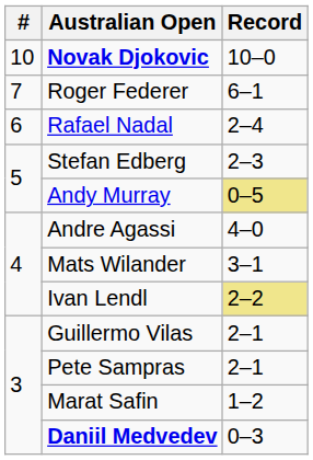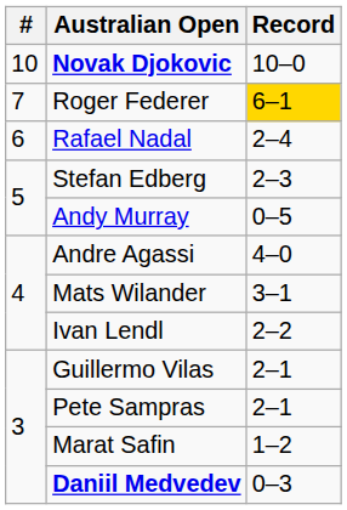 <table class="wikitable" style="display:inline-table;">
 <tr>
 <th width=20>#</th>
 <th>Australian Open</th>
 <th>Record</th>
 </tr>
 <tr>
 <td>10</td>
 <td> <strong><a href='#'>Novak Djokovic</a></strong></td>
 <td>10–0</td>
 </tr>
 <tr>
 <td>7</td>
 <td> Roger Federer</td>
-<td>6–1</td>
+<td style="background: gold;">6–1</td>
 </tr>
 <tr>
 <td>6</td>
 <td> <a href='#'>Rafael Nadal</a></td>
 <td>2–4</td>
 </tr>
 <tr>
 <td rowspan="2">5</td>
 <td> Stefan Edberg</td>
 <td>2–3</td>
 </tr>
 <tr>
 <td> <a href='#'>Andy Murray</a></td>
-<td style="background: khaki;">0–5</td>
+<td>0–5</td>
 </tr>
 <tr>
 <td rowspan="3">4</td>
 <td> Andre Agassi</td>
 <td>4–0</td>
 </tr>
 <tr>
 <td> Mats Wilander</td>
 <td>3–1</td>
 </tr>
 <tr>
 <td> Ivan Lendl</td>
-<td style="background: khaki;">2–2</td>
+<td>2–2</td>
 </tr>
 <tr>
 <td rowspan="4">3</td>
 <td> Guillermo Vilas</td>
 <td>2–1</td>
 </tr>
 <tr>
 <td> Pete Sampras</td>
 <td>2–1</td>
 </tr>
 <tr>
 <td> Marat Safin</td>
 <td>1–2</td>
 </tr>
 <tr>
 <td> <strong><a href='#'>Daniil Medvedev</a></strong></td>
 <td>0–3</td>
 </tr>
 </table>
